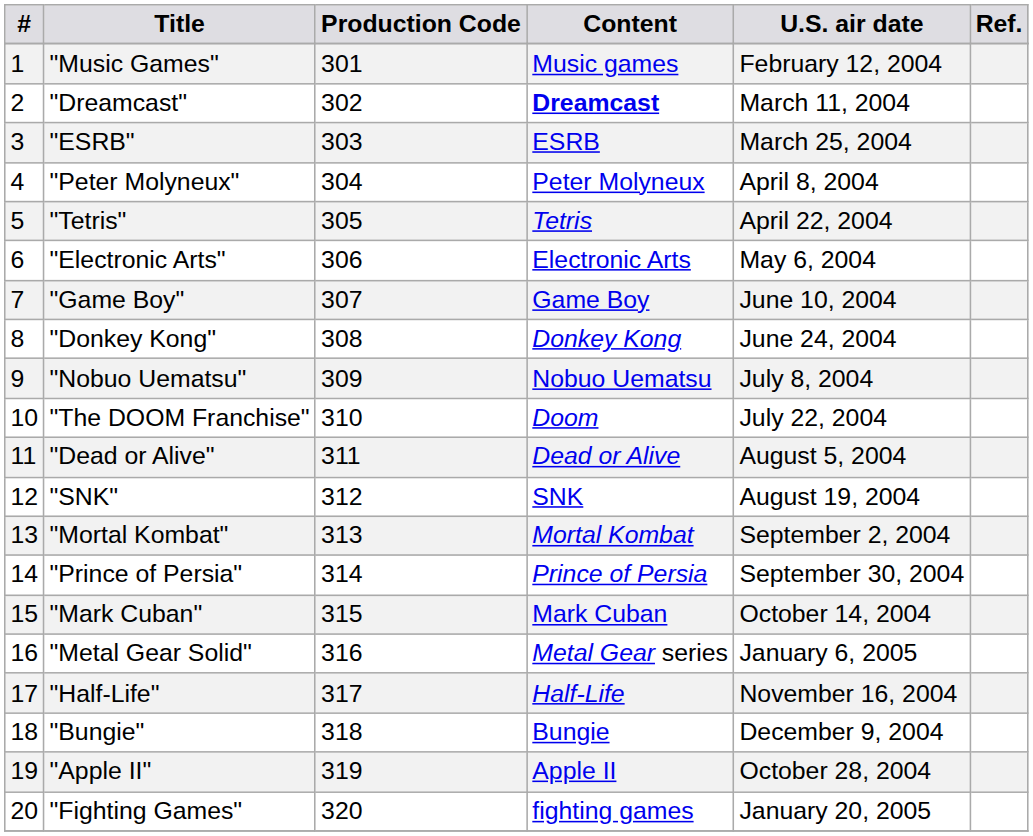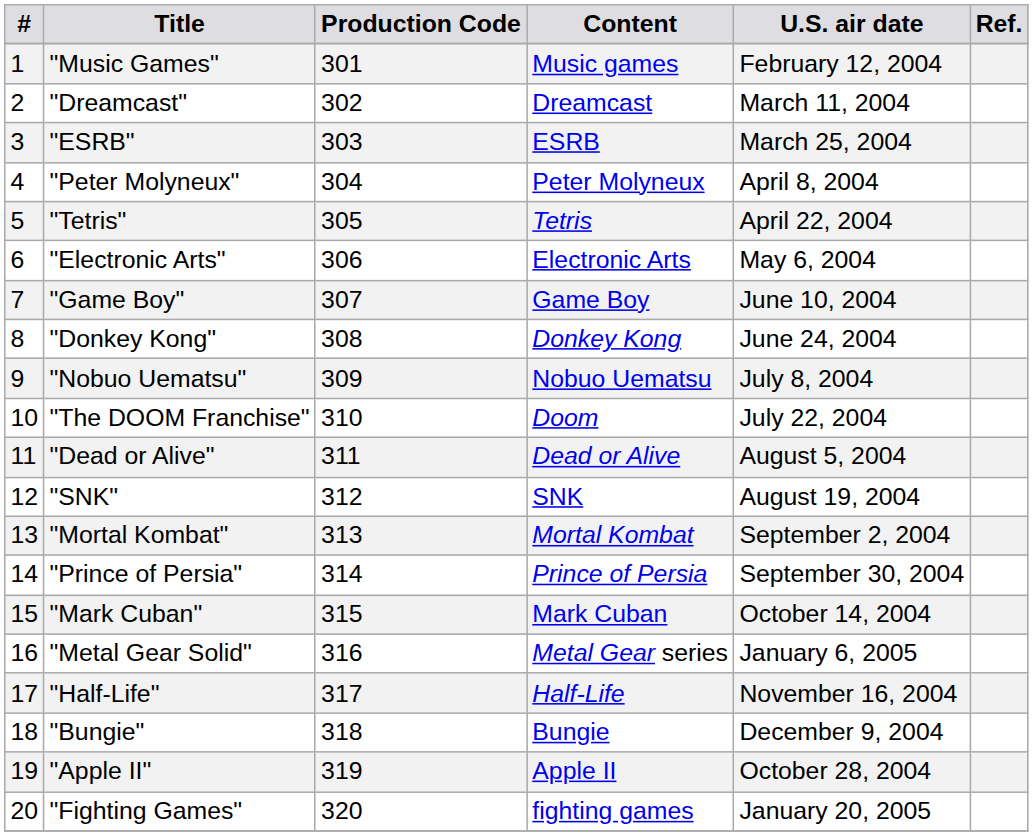 <table class="wikitable">
 <tr>
 <th style="background-color: #DEDDE2">#</th>
 <th style="background-color: #DEDDE2">Title</th>
 <th style="background-color: #DEDDE2">Production Code</th>
 <th style="background-color: #DEDDE2">Content</th>
 <th style="background-color: #DEDDE2">U.S. air date</th>
 <th style="background-color: #DEDDE2">Ref.</th>
 </tr>
 <tr style="background-color: #F2F2F2;" |>
 </tr>
 <tr style="background-color: #F2F2F2;" |>
 <td>1</td>
 <td>"Music Games"</td>
 <td>301</td>
 <td><a href='#'>Music games</a></td>
 <td>February 12, 2004</td>
 <td></td>
 </tr>
 <tr style="background-color: #FFFFFF;" |>
 <td>2</td>
 <td>"Dreamcast"</td>
 <td>302</td>
-<td><strong><a href='#'>Dreamcast</a></strong></td>
+<td><a href='#'>Dreamcast</a></td>
 <td>March 11, 2004</td>
 <td></td>
 </tr>
 <tr style="background-color: #F2F2F2;" |>
 <td>3</td>
 <td>"ESRB"</td>
 <td>303</td>
 <td><a href='#'>ESRB</a></td>
 <td>March 25, 2004</td>
 <td></td>
 </tr>
 <tr style="background-color: #FFFFFF;" |>
 <td>4</td>
 <td>"Peter Molyneux"</td>
 <td>304</td>
 <td><a href='#'>Peter Molyneux</a></td>
 <td>April 8, 2004</td>
 <td></td>
 </tr>
 <tr style="background-color: #F2F2F2;" |>
 <td>5</td>
 <td>"Tetris"</td>
 <td>305</td>
 <td><em><a href='#'>Tetris</a></em></td>
 <td>April 22, 2004</td>
 <td></td>
 </tr>
 <tr style="background-color: #FFFFFF;" |>
 <td>6</td>
 <td>"Electronic Arts"</td>
 <td>306</td>
 <td><a href='#'>Electronic Arts</a></td>
 <td>May 6, 2004</td>
 <td></td>
 </tr>
 <tr style="background-color: #F2F2F2;" |>
 <td>7</td>
 <td>"Game Boy"</td>
 <td>307</td>
 <td><a href='#'>Game Boy</a></td>
 <td>June 10, 2004</td>
 <td></td>
 </tr>
 <tr style="background-color: #FFFFFF;" |>
 <td>8</td>
 <td>"Donkey Kong"</td>
 <td>308</td>
 <td><em><a href='#'>Donkey Kong</a></em></td>
 <td>June 24, 2004</td>
 <td></td>
 </tr>
 <tr style="background-color: #F2F2F2;" |>
 <td>9</td>
 <td>"Nobuo Uematsu"</td>
 <td>309</td>
 <td><a href='#'>Nobuo Uematsu</a></td>
 <td>July 8, 2004</td>
 <td></td>
 </tr>
 <tr style="background-color: #FFFFFF;" |>
 <td>10</td>
 <td>"The DOOM Franchise"</td>
 <td>310</td>
 <td><em><a href='#'>Doom</a></em></td>
 <td>July 22, 2004</td>
 <td></td>
 </tr>
 <tr style="background-color: #F2F2F2;" |>
 <td>11</td>
 <td>"Dead or Alive"</td>
 <td>311</td>
 <td><em><a href='#'>Dead or Alive</a></em></td>
 <td>August 5, 2004</td>
 <td></td>
 </tr>
 <tr style="background-color: #FFFFFF;" |>
 <td>12</td>
 <td>"SNK"</td>
 <td>312</td>
 <td><a href='#'>SNK</a></td>
 <td>August 19, 2004</td>
 <td></td>
 </tr>
 <tr style="background-color: #F2F2F2;" |>
 <td>13</td>
 <td>"Mortal Kombat"</td>
 <td>313</td>
 <td><em><a href='#'>Mortal Kombat</a></em></td>
 <td>September 2, 2004</td>
 <td></td>
 </tr>
 <tr style="background-color: #FFFFFF;" |>
 <td>14</td>
 <td>"Prince of Persia"</td>
 <td>314</td>
 <td><em><a href='#'>Prince of Persia</a></em></td>
 <td>September 30, 2004</td>
 <td></td>
 </tr>
 <tr style="background-color: #F2F2F2;" |>
 <td>15</td>
 <td>"Mark Cuban"</td>
 <td>315</td>
 <td><a href='#'>Mark Cuban</a></td>
 <td>October 14, 2004</td>
 <td></td>
 </tr>
 <tr style="background-color: #FFFFFF;" |>
 <td>16</td>
 <td>"Metal Gear Solid"</td>
 <td>316</td>
 <td><em><a href='#'>Metal Gear</a></em> series</td>
 <td>January 6, 2005</td>
 <td></td>
 </tr>
 <tr style="background-color: #F2F2F2;" |>
 <td>17</td>
 <td>"Half-Life"</td>
 <td>317</td>
 <td><em><a href='#'>Half-Life</a></em></td>
 <td>November 16, 2004</td>
 <td></td>
 </tr>
 <tr style="background-color: #FFFFFF;" |>
 <td>18</td>
 <td>"Bungie"</td>
 <td>318</td>
 <td><a href='#'>Bungie</a></td>
 <td>December 9, 2004</td>
 <td></td>
 </tr>
 <tr style="background-color: #F2F2F2;" |>
 <td>19</td>
 <td>"Apple II"</td>
 <td>319</td>
 <td><a href='#'>Apple II</a></td>
 <td>October 28, 2004</td>
 <td></td>
 </tr>
 <tr style="background-color: #FFFFFF;" |>
 <td>20</td>
 <td>"Fighting Games"</td>
 <td>320</td>
 <td><a href='#'>fighting games</a></td>
 <td>January 20, 2005</td>
 <td></td>
 </tr>
 <tr style="background-color: #F2F2F2;" |>
 </tr>
 </table>
